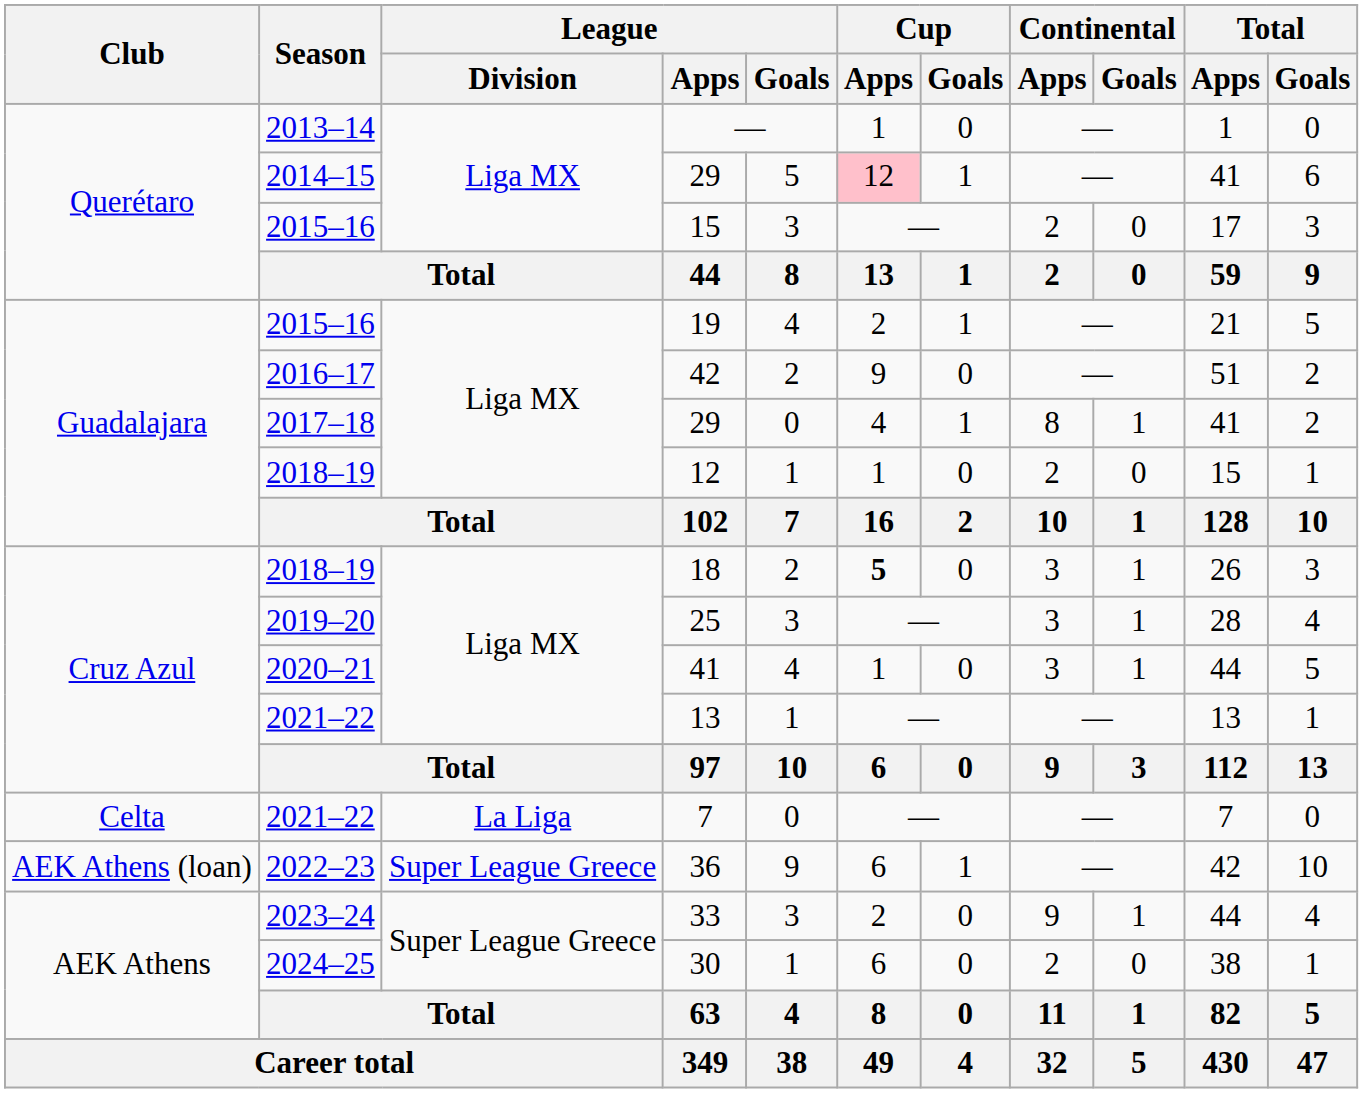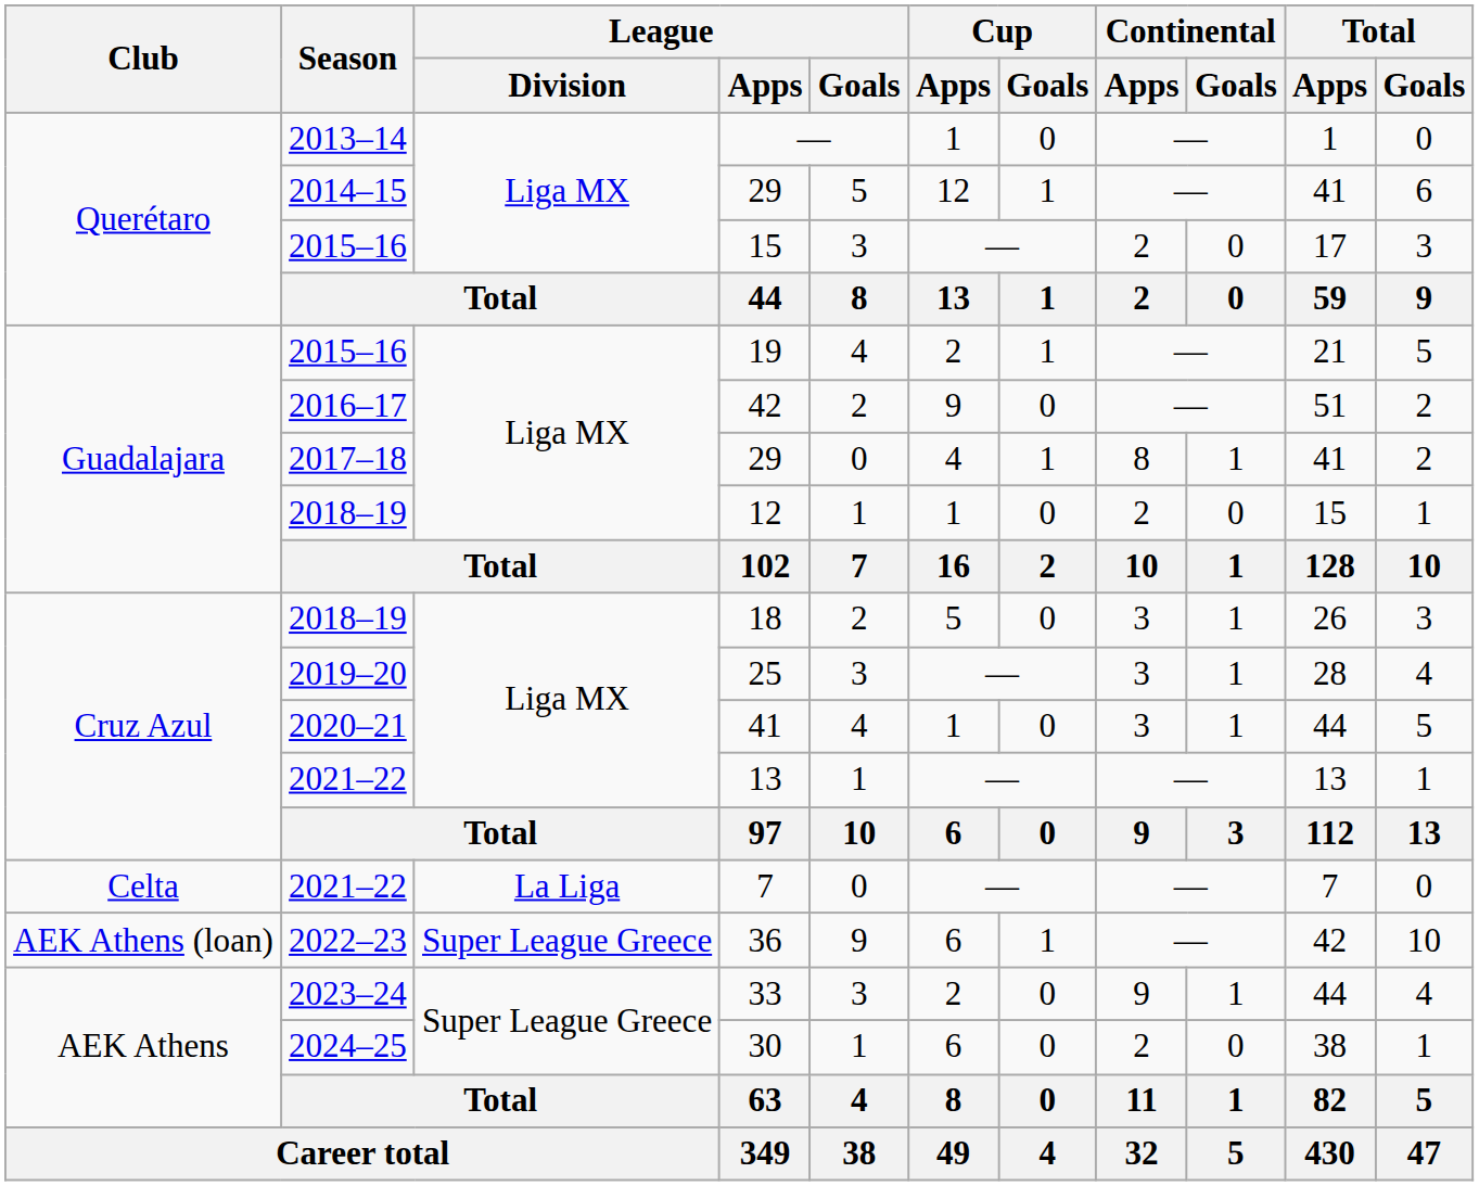 <table class="wikitable" style="text-align:center">
 <tr>
 <th rowspan="2">Club</th>
 <th rowspan="2">Season</th>
 <th colspan="3">League</th>
 <th colspan="2">Cup</th>
 <th colspan="2">Continental</th>
 <th colspan="2">Total</th>
 </tr>
 <tr>
 <th>Division</th>
 <th>Apps</th>
 <th>Goals</th>
 <th>Apps</th>
 <th>Goals</th>
 <th>Apps</th>
 <th>Goals</th>
 <th>Apps</th>
 <th>Goals</th>
 </tr>
 <tr>
 <td rowspan="4"><a href='#'>Querétaro</a></td>
 <td><a href='#'>2013–14</a></td>
 <td rowspan="3"><a href='#'>Liga MX</a></td>
 <td colspan="2">—</td>
 <td>1</td>
 <td>0</td>
 <td colspan="2">—</td>
 <td>1</td>
 <td>0</td>
 </tr>
 <tr>
 <td><a href='#'>2014–15</a></td>
 <td>29</td>
 <td>5</td>
-<td style="background: pink;">12</td>
+<td>12</td>
 <td>1</td>
 <td colspan="2">—</td>
 <td>41</td>
 <td>6</td>
 </tr>
 <tr>
 <td><a href='#'>2015–16</a></td>
 <td>15</td>
 <td>3</td>
 <td colspan="2">—</td>
 <td>2</td>
 <td>0</td>
 <td>17</td>
 <td>3</td>
 </tr>
 <tr>
 <th colspan="2">Total</th>
 <th>44</th>
 <th>8</th>
 <th>13</th>
 <th>1</th>
 <th>2</th>
 <th>0</th>
 <th>59</th>
 <th>9</th>
 </tr>
 <tr>
 <td rowspan="5"><a href='#'>Guadalajara</a></td>
 <td><a href='#'>2015–16</a></td>
 <td rowspan="4">Liga MX</td>
 <td>19</td>
 <td>4</td>
 <td>2</td>
 <td>1</td>
 <td colspan="2">—</td>
 <td>21</td>
 <td>5</td>
 </tr>
 <tr>
 <td><a href='#'>2016–17</a></td>
 <td>42</td>
 <td>2</td>
 <td>9</td>
 <td>0</td>
 <td colspan="2">—</td>
 <td>51</td>
 <td>2</td>
 </tr>
 <tr>
 <td><a href='#'>2017–18</a></td>
 <td>29</td>
 <td>0</td>
 <td>4</td>
 <td>1</td>
 <td>8</td>
 <td>1</td>
 <td>41</td>
 <td>2</td>
 </tr>
 <tr>
 <td><a href='#'>2018–19</a></td>
 <td>12</td>
 <td>1</td>
 <td>1</td>
 <td>0</td>
 <td>2</td>
 <td>0</td>
 <td>15</td>
 <td>1</td>
 </tr>
 <tr>
 <th colspan="2">Total</th>
 <th>102</th>
 <th>7</th>
 <th>16</th>
 <th>2</th>
 <th>10</th>
 <th>1</th>
 <th>128</th>
 <th>10</th>
 </tr>
 <tr>
 <td rowspan="5"><a href='#'>Cruz Azul</a></td>
 <td><a href='#'>2018–19</a></td>
 <td rowspan="4">Liga MX</td>
 <td>18</td>
 <td>2</td>
-<td><strong>5</strong></td>
+<td>5</td>
 <td>0</td>
 <td>3</td>
 <td>1</td>
 <td>26</td>
 <td>3</td>
 </tr>
 <tr>
 <td><a href='#'>2019–20</a></td>
 <td>25</td>
 <td>3</td>
 <td colspan="2">—</td>
 <td>3</td>
 <td>1</td>
 <td>28</td>
 <td>4</td>
 </tr>
 <tr>
 <td><a href='#'>2020–21</a></td>
 <td>41</td>
 <td>4</td>
 <td>1</td>
 <td>0</td>
 <td>3</td>
 <td>1</td>
 <td>44</td>
 <td>5</td>
 </tr>
 <tr>
 <td><a href='#'>2021–22</a></td>
 <td>13</td>
 <td>1</td>
 <td colspan="2">—</td>
 <td colspan="2">—</td>
 <td>13</td>
 <td>1</td>
 </tr>
 <tr>
 <th colspan="2">Total</th>
 <th>97</th>
 <th>10</th>
 <th>6</th>
 <th>0</th>
 <th>9</th>
 <th>3</th>
 <th>112</th>
 <th>13</th>
 </tr>
 <tr>
 <td><a href='#'>Celta</a></td>
 <td><a href='#'>2021–22</a></td>
 <td><a href='#'>La Liga</a></td>
 <td>7</td>
 <td>0</td>
 <td colspan="2">—</td>
 <td colspan="2">—</td>
 <td>7</td>
 <td>0</td>
 </tr>
 <tr>
 <td><a href='#'>AEK Athens</a> (loan)</td>
 <td><a href='#'>2022–23</a></td>
 <td><a href='#'>Super League Greece</a></td>
 <td>36</td>
 <td>9</td>
 <td>6</td>
 <td>1</td>
 <td colspan="2">—</td>
 <td>42</td>
 <td>10</td>
 </tr>
 <tr>
 <td rowspan="3">AEK Athens</td>
 <td><a href='#'>2023–24</a></td>
 <td rowspan="2">Super League Greece</td>
 <td>33</td>
 <td>3</td>
 <td>2</td>
 <td>0</td>
 <td>9</td>
 <td>1</td>
 <td>44</td>
 <td>4</td>
 </tr>
 <tr>
 <td><a href='#'>2024–25</a></td>
 <td>30</td>
 <td>1</td>
 <td>6</td>
 <td>0</td>
 <td>2</td>
 <td>0</td>
 <td>38</td>
 <td>1</td>
 </tr>
 <tr>
 <th colspan="2">Total</th>
 <th>63</th>
 <th>4</th>
 <th>8</th>
 <th>0</th>
 <th>11</th>
 <th>1</th>
 <th>82</th>
 <th>5</th>
 </tr>
 <tr>
 <th colspan="3">Career total</th>
 <th>349</th>
 <th>38</th>
 <th>49</th>
 <th>4</th>
 <th>32</th>
 <th>5</th>
 <th>430</th>
 <th>47</th>
 </tr>
 </table>
